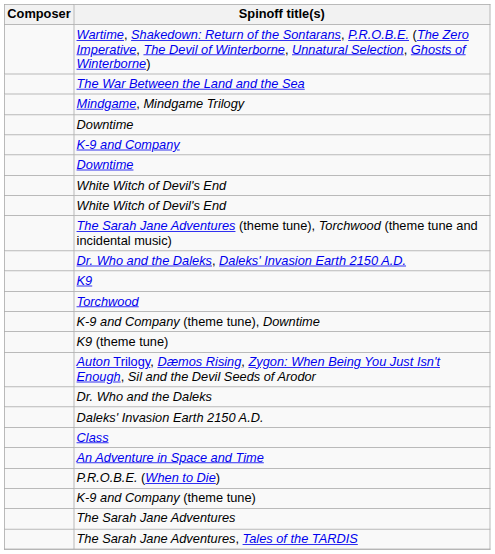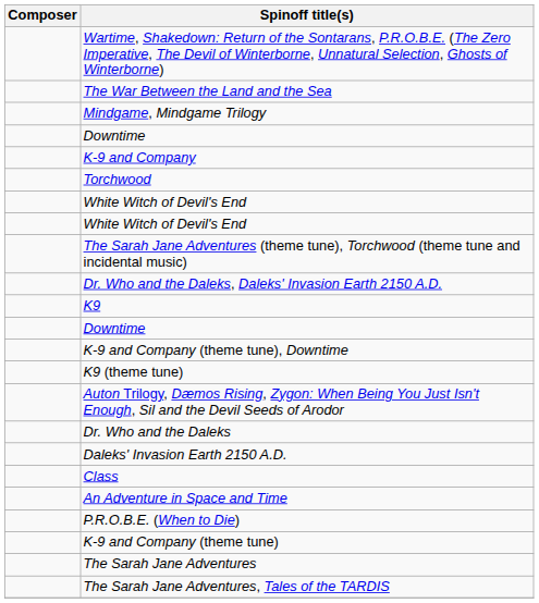 <table class="wikitable sortable">
 <tr>
 <th>Composer</th>
 <th>Spinoff title(s)</th>
 </tr>
 <tr>
 <td></td>
 <td><em><a href='#'>Wartime</a></em>, <em><a href='#'>Shakedown: Return of the Sontarans</a></em>, <em><a href='#'>P.R.O.B.E.</a></em> (<em><a href='#'>The Zero Imperative</a></em>, <em><a href='#'>The Devil of Winterborne</a></em>, <em><a href='#'>Unnatural Selection</a></em>, <em><a href='#'>Ghosts of Winterborne</a></em>)</td>
 </tr>
 <tr>
 <td></td>
 <td><em><a href='#'>The War Between the Land and the Sea</a></em></td>
 </tr>
 <tr>
 <td></td>
 <td><em><a href='#'>Mindgame</a></em>, <em>Mindgame Trilogy</em></td>
 </tr>
 <tr>
 <td></td>
 <td><em>Downtime</em></td>
 </tr>
 <tr>
 <td></td>
 <td><em><a href='#'>K-9 and Company</a></em></td>
 </tr>
 <tr>
 <td></td>
-<td><em><a href='#'>Downtime</a></em></td>
+<td><em><a href='#'>Torchwood</a></em></td>
 </tr>
 <tr>
 <td></td>
 <td><em>White Witch of Devil's End</em></td>
 </tr>
 <tr>
 <td></td>
 <td><em>White Witch of Devil's End</em></td>
 </tr>
 <tr>
 <td></td>
 <td><em><a href='#'>The Sarah Jane Adventures</a></em> (theme tune), <em>Torchwood</em> (theme tune and incidental music)</td>
 </tr>
 <tr>
 <td></td>
 <td><em><a href='#'>Dr. Who and the Daleks</a></em>, <em><a href='#'>Daleks' Invasion Earth 2150 A.D.</a></em></td>
 </tr>
 <tr>
 <td></td>
 <td><em><a href='#'>K9</a></em></td>
 </tr>
 <tr>
 <td></td>
-<td><em><a href='#'>Torchwood</a></em></td>
+<td><em><a href='#'>Downtime</a></em></td>
 </tr>
 <tr>
 <td></td>
 <td><em>K-9 and Company</em> (theme tune), <em>Downtime</em></td>
 </tr>
 <tr>
 <td></td>
 <td><em>K9</em> (theme tune)</td>
 </tr>
 <tr>
 <td></td>
 <td><a href='#'><em>Auton</em> Trilogy</a>, <em><a href='#'>Dæmos Rising</a></em>, <em><a href='#'>Zygon: When Being You Just Isn't Enough</a></em>, <em>Sil and the Devil Seeds of Arodor</em></td>
 </tr>
 <tr>
 <td></td>
 <td><em>Dr. Who and the Daleks</em></td>
 </tr>
 <tr>
 <td></td>
 <td><em>Daleks' Invasion Earth 2150 A.D.</em></td>
 </tr>
 <tr>
 <td></td>
 <td><em><a href='#'>Class</a></em></td>
 </tr>
 <tr>
 <td></td>
 <td><em><a href='#'>An Adventure in Space and Time</a></em></td>
 </tr>
 <tr>
 <td></td>
 <td><em>P.R.O.B.E.</em> (<em><a href='#'>When to Die</a></em>)</td>
 </tr>
 <tr>
 <td></td>
 <td><em>K-9 and Company</em> (theme tune)</td>
 </tr>
 <tr>
 <td></td>
 <td><em>The Sarah Jane Adventures</em></td>
 </tr>
 <tr>
 <td></td>
 <td><em>The Sarah Jane Adventures</em>, <em><a href='#'>Tales of the TARDIS</a></em></td>
 </tr>
 <tr>
 </tr>
 </table>
